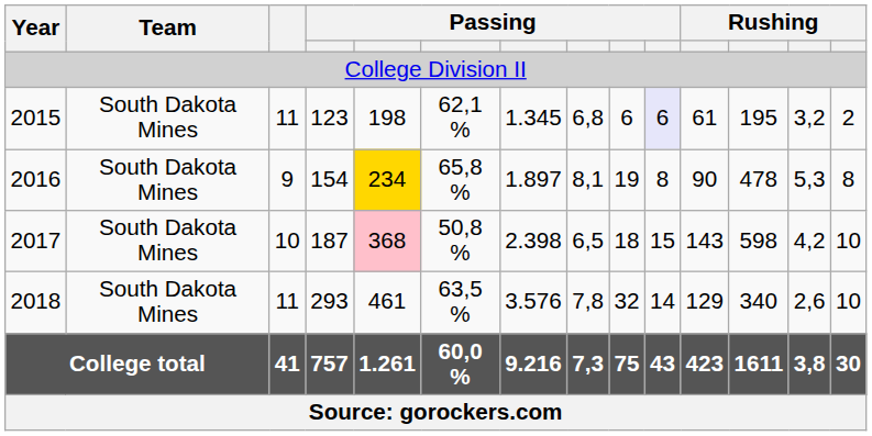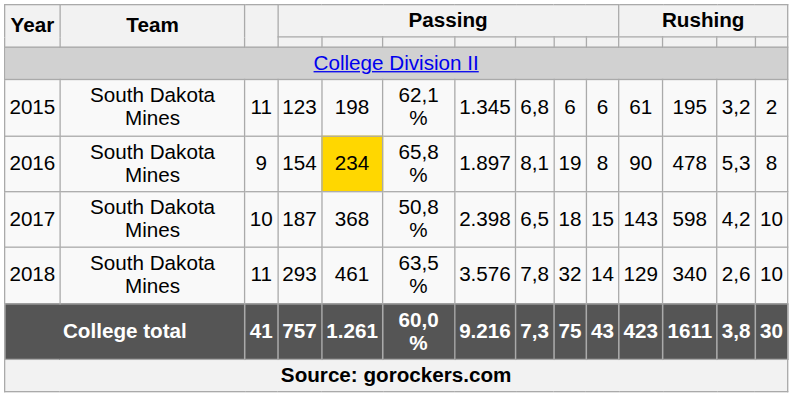 <table class="wikitable" style="text-align: center;">
 <tr>
 <th rowspan="2">Year</th>
 <th rowspan="2">Team</th>
 <th rowspan="2"></th>
 <th colspan="7">Passing</th>
 <th colspan="4">Rushing</th>
 </tr>
 <tr>
 <th></th>
 <th></th>
 <th></th>
 <th></th>
 <th></th>
 <th></th>
 <th></th>
 <th></th>
 <th></th>
 <th></th>
 <th></th>
 </tr>
 <tr>
 <td colspan="15" style="background-color:#D1D1D1"><a href='#'>College Division II</a> </td>
 </tr>
 <tr>
 <td>2015</td>
 <td>South Dakota Mines</td>
 <td>11</td>
 <td>123</td>
 <td>198</td>
 <td>62,1 %</td>
 <td>1.345</td>
 <td>6,8</td>
 <td>6</td>
-<td style="background: lavender;">6</td>
+<td>6</td>
 <td>61</td>
 <td>195</td>
 <td>3,2</td>
 <td>2</td>
 </tr>
 <tr>
 <td>2016</td>
 <td>South Dakota Mines</td>
 <td>9</td>
 <td>154</td>
 <td style="background: gold;">234</td>
 <td>65,8 %</td>
 <td>1.897</td>
 <td>8,1</td>
 <td>19</td>
 <td>8</td>
 <td>90</td>
 <td>478</td>
 <td>5,3</td>
 <td>8</td>
 </tr>
 <tr>
 <td>2017</td>
 <td>South Dakota Mines</td>
 <td>10</td>
 <td>187</td>
-<td style="background: pink;">368</td>
+<td>368</td>
 <td>50,8 %</td>
 <td>2.398</td>
 <td>6,5</td>
 <td>18</td>
 <td>15</td>
 <td>143</td>
 <td>598</td>
 <td>4,2</td>
 <td>10</td>
 </tr>
 <tr>
 <td>2018</td>
 <td>South Dakota Mines</td>
 <td>11</td>
 <td>293</td>
 <td>461</td>
 <td>63,5 %</td>
 <td>3.576</td>
 <td>7,8</td>
 <td>32</td>
 <td>14</td>
 <td>129</td>
 <td>340</td>
 <td>2,6</td>
 <td>10</td>
 </tr>
 <tr style="background:#555555; font-weight:bold; color:white;">
 <td colspan="2">College total</td>
 <td>41</td>
 <td>757</td>
 <td>1.261</td>
 <td>60,0 %</td>
 <td>9.216</td>
 <td>7,3</td>
 <td>75</td>
 <td>43</td>
 <td>423</td>
 <td>1611</td>
 <td>3,8</td>
 <td>30</td>
 </tr>
 <tr>
 <th colspan="15">Source: gorockers.com</th>
 </tr>
 </table>
